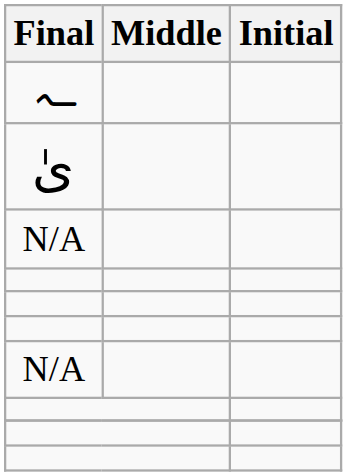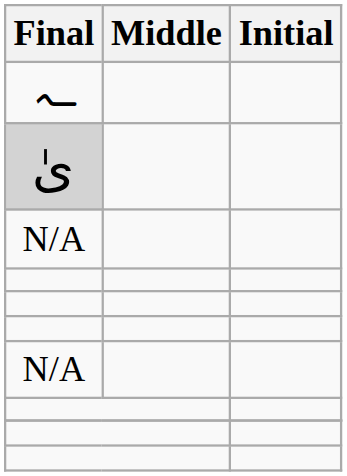 <table class="wikitable" style="text-align: center;">
 <tr>
 <th colspan="2">Final</th>
 <th>Middle</th>
 <th>Initial</th>
 </tr>
 <tr>
 <td colspan="2">ـہ</td>
 <td style="font-size: 150%"></td>
 <td style="font-size: 150%"></td>
 </tr>
 <tr>
-<td style="font-size: 150%">یٰ</td>
+<td style="background: lightgrey; font-size: 150%">یٰ</td>
 <td colspan="2"></td>
 <td style="font-size: 150%"></td>
 </tr>
 <tr>
 <td colspan="2">N/A</td>
 <td style="font-size: 150%"></td>
 <td style="font-size: 150%"></td>
 </tr>
 <tr>
 <td colspan="2" style="font-size: 150%"></td>
 <td style="font-size: 150%"></td>
 <td style="font-size: 150%"></td>
 </tr>
 <tr>
 <td colspan="2" style="font-size: 150%"></td>
 <td style="font-size: 150%"></td>
 <td style="font-size: 150%"></td>
 </tr>
 <tr>
 <td colspan="2" style="font-size: 150%"></td>
 <td style="font-size: 150%"></td>
 <td style="font-size: 150%"></td>
 </tr>
 <tr>
 <td colspan="2">N/A</td>
 <td style="font-size: 150%"></td>
 <td style="font-size: 150%"></td>
 </tr>
 <tr>
 <td colspan="3" style="font-size: 150%"></td>
 <td style="font-size: 150%"></td>
 </tr>
 <tr>
 </tr>
 <tr>
 <td colspan="3" style="font-size: 150%"></td>
 <td style="font-size: 150%"></td>
 </tr>
 <tr>
 <td colspan="3" style="font-size: 150%"></td>
 <td style="font-size: 150%"></td>
 </tr>
 </table>
